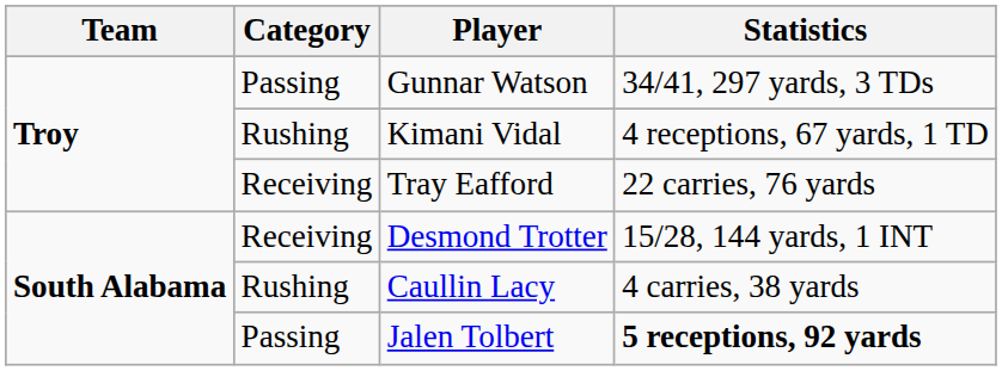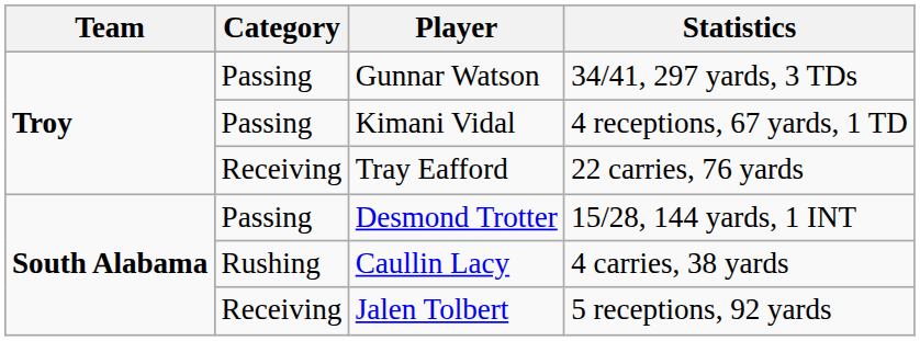 <table class="wikitable" style="float: left;">
 <tr>
 <th>Team</th>
 <th>Category</th>
 <th>Player</th>
 <th>Statistics</th>
 </tr>
 <tr>
 <td rowspan=3><strong>Troy</strong></td>
 <td>Passing</td>
 <td>Gunnar Watson</td>
 <td>34/41, 297 yards, 3 TDs</td>
 </tr>
 <tr>
-<td>Rushing</td>
+<td>Passing</td>
 <td>Kimani Vidal</td>
 <td>4 receptions, 67 yards, 1 TD</td>
 </tr>
 <tr>
 <td>Receiving</td>
 <td>Tray Eafford</td>
 <td>22 carries, 76 yards</td>
 </tr>
 <tr>
 <td rowspan=3><strong>South Alabama</strong></td>
-<td>Receiving</td>
+<td>Passing</td>
 <td><a href='#'>Desmond Trotter</a></td>
 <td>15/28, 144 yards, 1 INT</td>
 </tr>
 <tr>
 <td>Rushing</td>
 <td><a href='#'>Caullin Lacy</a></td>
 <td>4 carries, 38 yards</td>
 </tr>
 <tr>
-<td>Passing</td>
+<td>Receiving</td>
 <td><a href='#'>Jalen Tolbert</a></td>
-<td><strong>5 receptions, 92 yards</strong></td>
+<td>5 receptions, 92 yards</td>
 </tr>
 </table>
